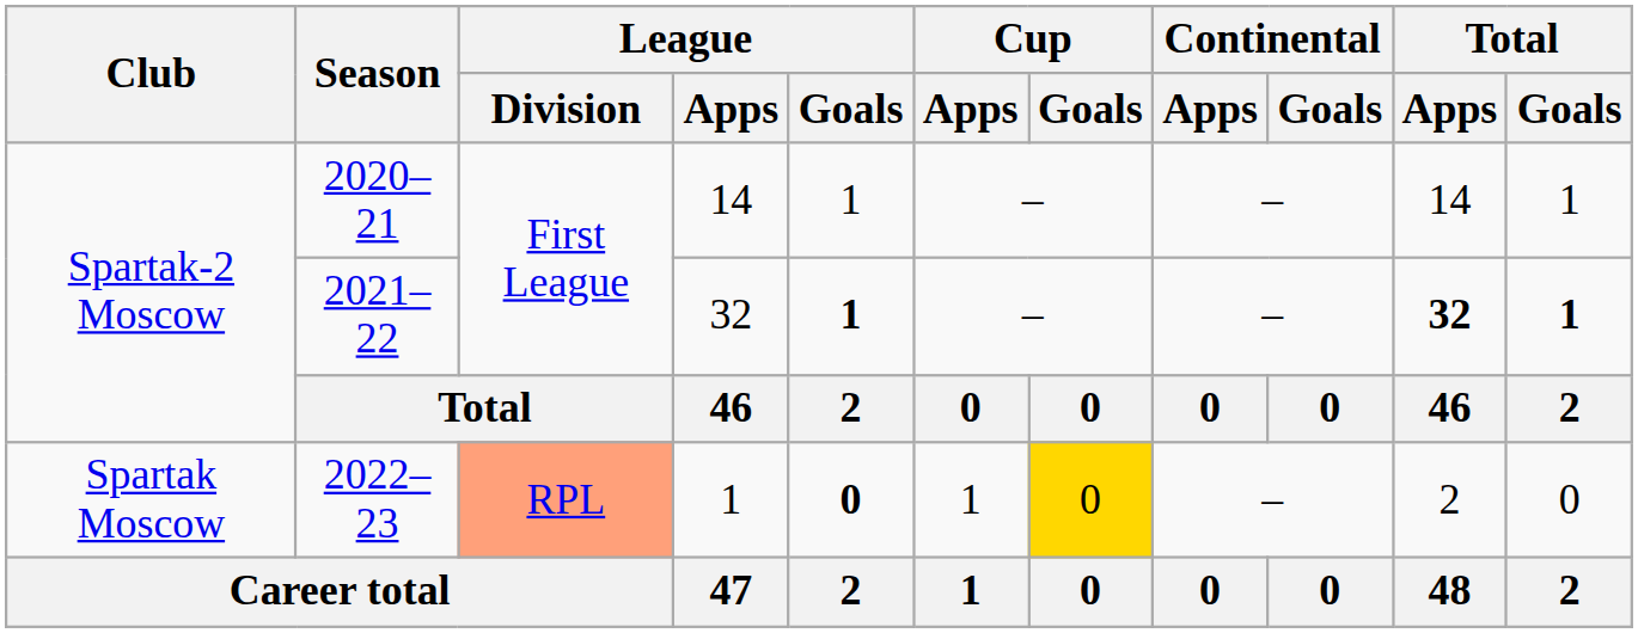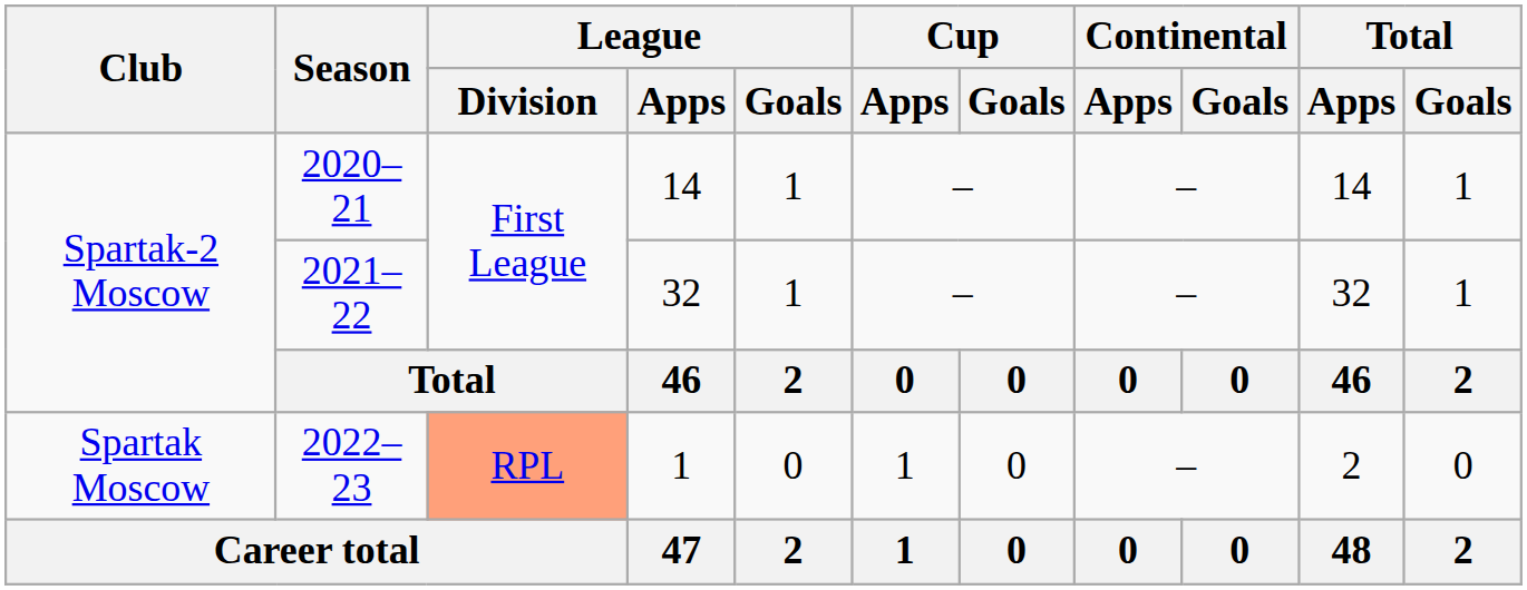 <table class="wikitable" style="text-align: center;">
 <tr>
 <th rowspan=2>Club</th>
 <th rowspan=2>Season</th>
 <th colspan=3>League</th>
 <th colspan=2>Cup</th>
 <th colspan=2>Continental</th>
 <th colspan=2>Total</th>
 </tr>
 <tr>
 <th>Division</th>
 <th>Apps</th>
 <th>Goals</th>
 <th>Apps</th>
 <th>Goals</th>
 <th>Apps</th>
 <th>Goals</th>
 <th>Apps</th>
 <th>Goals</th>
 </tr>
 <tr>
 <td rowspan="3"><a href='#'>Spartak-2 Moscow</a></td>
 <td><a href='#'>2020–21</a></td>
 <td rowspan="2"><a href='#'>First League</a></td>
 <td>14</td>
 <td>1</td>
 <td colspan=2>–</td>
 <td colspan=2>–</td>
 <td>14</td>
 <td>1</td>
 </tr>
 <tr>
 <td><a href='#'>2021–22</a></td>
 <td>32</td>
-<td><strong>1</strong></td>
+<td>1</td>
 <td colspan=2>–</td>
 <td colspan=2>–</td>
-<td><strong>32</strong></td>
-<td><strong>1</strong></td>
+<td>32</td>
+<td>1</td>
 </tr>
 <tr>
 <th colspan=2>Total</th>
 <th>46</th>
 <th>2</th>
 <th>0</th>
 <th>0</th>
 <th>0</th>
 <th>0</th>
 <th>46</th>
 <th>2</th>
 </tr>
 <tr>
 <td><a href='#'>Spartak Moscow</a></td>
 <td><a href='#'>2022–23</a></td>
 <td style="background: lightsalmon;"><a href='#'>RPL</a></td>
 <td>1</td>
-<td><strong>0</strong></td>
+<td>0</td>
 <td>1</td>
-<td style="background: gold;">0</td>
+<td>0</td>
 <td colspan=2>–</td>
 <td>2</td>
 <td>0</td>
 </tr>
 <tr>
 <th colspan=3>Career total</th>
 <th>47</th>
 <th>2</th>
 <th>1</th>
 <th>0</th>
 <th>0</th>
 <th>0</th>
 <th>48</th>
 <th>2</th>
 </tr>
 </table>
